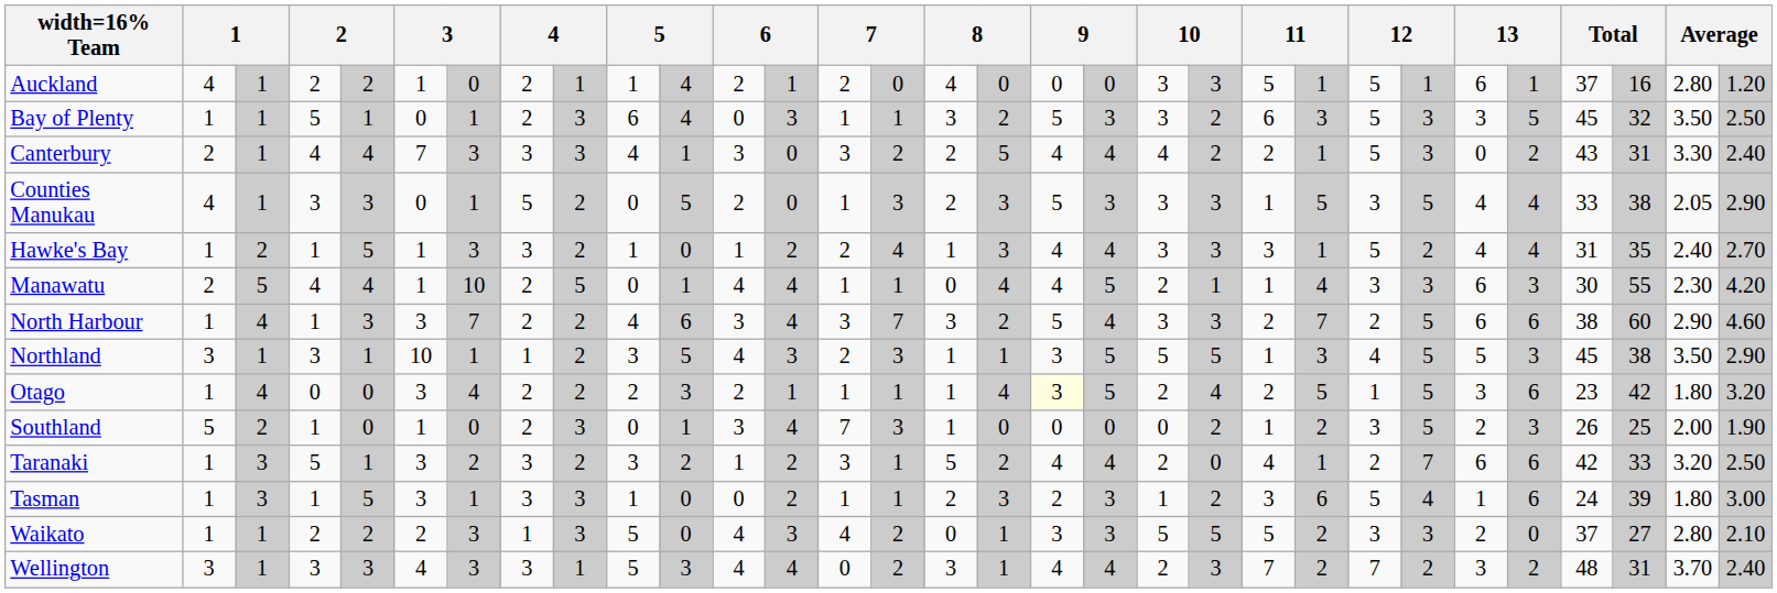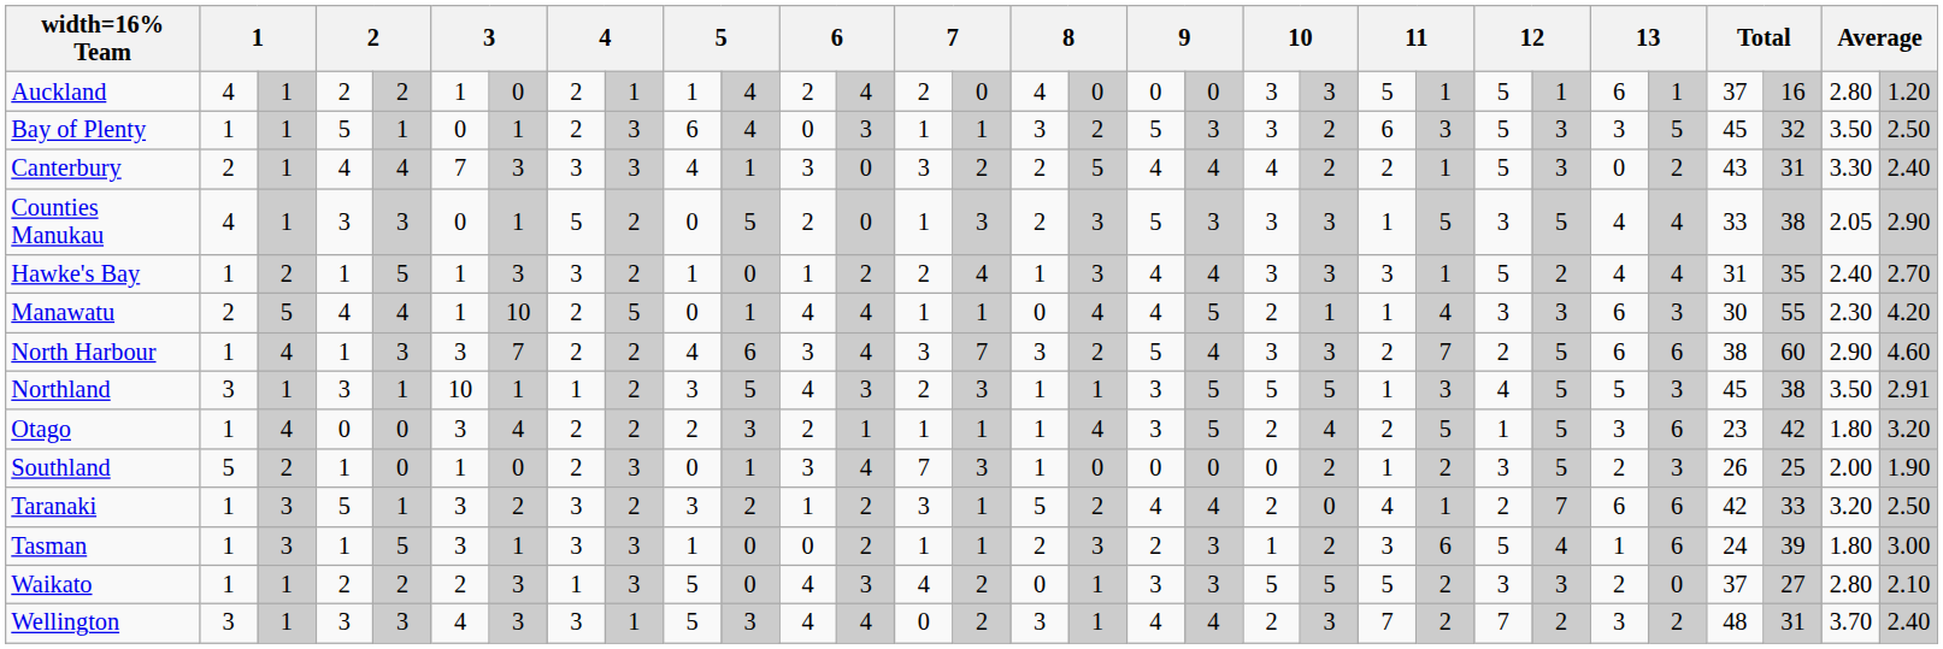 <table class="wikitable" style="text-align:center;width:100%">
 <tr>
 <th>width=16% Team</th>
 <th width=6% colspan=2>1</th>
 <th width=6% colspan=2>2</th>
 <th width=6% colspan=2>3</th>
 <th width=6% colspan=2>4</th>
 <th width=6% colspan=2>5</th>
 <th width=6% colspan=2>6</th>
 <th width=6% colspan=2>7</th>
 <th width=6% colspan=2>8</th>
 <th width=6% colspan=2>9</th>
 <th width=6% colspan=2>10</th>
 <th width=6% colspan=2>11</th>
 <th width=6% colspan=2>12</th>
 <th width=6% colspan=2>13</th>
 <th width=6% colspan=2>Total</th>
 <th width=6% colspan=2>Average</th>
 </tr>
 <tr>
 <td style="text-align:left"><a href='#'>Auckland</a></td>
 <td>4</td>
 <td style="background:#ccc">1</td>
 <td>2</td>
 <td style="background:#ccc">2</td>
 <td>1</td>
 <td style="background:#ccc">0</td>
 <td>2</td>
 <td style="background:#ccc">1</td>
 <td>1</td>
 <td style="background:#ccc">4</td>
 <td>2</td>
-<td style="background:#ccc">1</td>
+<td style="background:#ccc">4</td>
 <td>2</td>
 <td style="background:#ccc">0</td>
 <td>4</td>
 <td style="background:#ccc">0</td>
 <td>0</td>
 <td style="background:#ccc">0</td>
 <td>3</td>
 <td style="background:#ccc">3</td>
 <td>5</td>
 <td style="background:#ccc">1</td>
 <td>5</td>
 <td style="background:#ccc">1</td>
 <td>6</td>
 <td style="background:#ccc">1</td>
 <td>37</td>
 <td style="background:#ccc">16</td>
 <td>2.80</td>
 <td style="background:#ccc">1.20</td>
 </tr>
 <tr>
 <td align=left><a href='#'>Bay of Plenty</a></td>
 <td>1</td>
 <td bgcolor=#cccccc>1</td>
 <td>5</td>
 <td bgcolor=#cccccc>1</td>
 <td>0</td>
 <td bgcolor=#cccccc>1</td>
 <td>2</td>
 <td bgcolor=#cccccc>3</td>
 <td>6</td>
 <td bgcolor=#cccccc>4</td>
 <td>0</td>
 <td bgcolor=#cccccc>3</td>
 <td>1</td>
 <td bgcolor=#cccccc>1</td>
 <td>3</td>
 <td bgcolor=#cccccc>2</td>
 <td>5</td>
 <td bgcolor=#cccccc>3</td>
 <td>3</td>
 <td bgcolor=#cccccc>2</td>
 <td>6</td>
 <td bgcolor=#cccccc>3</td>
 <td>5</td>
 <td bgcolor=#cccccc>3</td>
 <td>3</td>
 <td bgcolor=#cccccc>5</td>
 <td>45</td>
 <td bgcolor=#cccccc>32</td>
 <td>3.50</td>
 <td bgcolor=#cccccc>2.50</td>
 </tr>
 <tr>
 <td align=left><a href='#'>Canterbury</a></td>
 <td>2</td>
 <td bgcolor=#cccccc>1</td>
 <td>4</td>
 <td bgcolor=#cccccc>4</td>
 <td>7</td>
 <td bgcolor=#cccccc>3</td>
 <td>3</td>
 <td bgcolor=#cccccc>3</td>
 <td>4</td>
 <td bgcolor=#cccccc>1</td>
 <td>3</td>
 <td bgcolor=#cccccc>0</td>
 <td>3</td>
 <td bgcolor=#cccccc>2</td>
 <td>2</td>
 <td bgcolor=#cccccc>5</td>
 <td>4</td>
 <td bgcolor=#cccccc>4</td>
 <td>4</td>
 <td bgcolor=#cccccc>2</td>
 <td>2</td>
 <td bgcolor=#cccccc>1</td>
 <td>5</td>
 <td bgcolor=#cccccc>3</td>
 <td>0</td>
 <td bgcolor=#cccccc>2</td>
 <td>43</td>
 <td bgcolor=#cccccc>31</td>
 <td>3.30</td>
 <td bgcolor=#cccccc>2.40</td>
 </tr>
 <tr>
 <td align=left><a href='#'>Counties Manukau</a></td>
 <td>4</td>
 <td bgcolor=#cccccc>1</td>
 <td>3</td>
 <td bgcolor=#cccccc>3</td>
 <td>0</td>
 <td bgcolor=#cccccc>1</td>
 <td>5</td>
 <td bgcolor=#cccccc>2</td>
 <td>0</td>
 <td bgcolor=#cccccc>5</td>
 <td>2</td>
 <td bgcolor=#cccccc>0</td>
 <td>1</td>
 <td bgcolor=#cccccc>3</td>
 <td>2</td>
 <td bgcolor=#cccccc>3</td>
 <td>5</td>
 <td bgcolor=#cccccc>3</td>
 <td>3</td>
 <td bgcolor=#cccccc>3</td>
 <td>1</td>
 <td bgcolor=#cccccc>5</td>
 <td>3</td>
 <td bgcolor=#cccccc>5</td>
 <td>4</td>
 <td bgcolor=#cccccc>4</td>
 <td>33</td>
 <td bgcolor=#cccccc>38</td>
 <td>2.05</td>
 <td bgcolor=#cccccc>2.90</td>
 </tr>
 <tr>
 <td align=left><a href='#'>Hawke's Bay</a></td>
 <td>1</td>
 <td bgcolor=#cccccc>2</td>
 <td>1</td>
 <td bgcolor=#cccccc>5</td>
 <td>1</td>
 <td bgcolor=#cccccc>3</td>
 <td>3</td>
 <td bgcolor=#cccccc>2</td>
 <td>1</td>
 <td bgcolor=#cccccc>0</td>
 <td>1</td>
 <td bgcolor=#cccccc>2</td>
 <td>2</td>
 <td bgcolor=#cccccc>4</td>
 <td>1</td>
 <td bgcolor=#cccccc>3</td>
 <td>4</td>
 <td bgcolor=#cccccc>4</td>
 <td>3</td>
 <td bgcolor=#cccccc>3</td>
 <td>3</td>
 <td bgcolor=#cccccc>1</td>
 <td>5</td>
 <td bgcolor=#cccccc>2</td>
 <td>4</td>
 <td bgcolor=#cccccc>4</td>
 <td>31</td>
 <td bgcolor=#cccccc>35</td>
 <td>2.40</td>
 <td bgcolor=#cccccc>2.70</td>
 </tr>
 <tr>
 <td align=left><a href='#'>Manawatu</a></td>
 <td>2</td>
 <td bgcolor=#cccccc>5</td>
 <td>4</td>
 <td bgcolor=#cccccc>4</td>
 <td>1</td>
 <td bgcolor=#cccccc>10</td>
 <td>2</td>
 <td bgcolor=#cccccc>5</td>
 <td>0</td>
 <td bgcolor=#cccccc>1</td>
 <td>4</td>
 <td bgcolor=#cccccc>4</td>
 <td>1</td>
 <td bgcolor=#cccccc>1</td>
 <td>0</td>
 <td bgcolor=#cccccc>4</td>
 <td>4</td>
 <td bgcolor=#cccccc>5</td>
 <td>2</td>
 <td bgcolor=#cccccc>1</td>
 <td>1</td>
 <td bgcolor=#cccccc>4</td>
 <td>3</td>
 <td bgcolor=#cccccc>3</td>
 <td>6</td>
 <td bgcolor=#cccccc>3</td>
 <td>30</td>
 <td bgcolor=#cccccc>55</td>
 <td>2.30</td>
 <td bgcolor=#cccccc>4.20</td>
 </tr>
 <tr>
 <td align=left><a href='#'>North Harbour</a></td>
 <td>1</td>
 <td bgcolor=#cccccc>4</td>
 <td>1</td>
 <td bgcolor=#cccccc>3</td>
 <td>3</td>
 <td bgcolor=#cccccc>7</td>
 <td>2</td>
 <td bgcolor=#cccccc>2</td>
 <td>4</td>
 <td bgcolor=#cccccc>6</td>
 <td>3</td>
 <td bgcolor=#cccccc>4</td>
 <td>3</td>
 <td bgcolor=#cccccc>7</td>
 <td>3</td>
 <td bgcolor=#cccccc>2</td>
 <td>5</td>
 <td bgcolor=#cccccc>4</td>
 <td>3</td>
 <td bgcolor=#cccccc>3</td>
 <td>2</td>
 <td bgcolor=#cccccc>7</td>
 <td>2</td>
 <td bgcolor=#cccccc>5</td>
 <td>6</td>
 <td bgcolor=#cccccc>6</td>
 <td>38</td>
 <td bgcolor=#cccccc>60</td>
 <td>2.90</td>
 <td bgcolor=#cccccc>4.60</td>
 </tr>
 <tr>
 <td align=left><a href='#'>Northland</a></td>
 <td>3</td>
 <td bgcolor=#cccccc>1</td>
 <td>3</td>
 <td bgcolor=#cccccc>1</td>
 <td>10</td>
 <td bgcolor=#cccccc>1</td>
 <td>1</td>
 <td bgcolor=#cccccc>2</td>
 <td>3</td>
 <td bgcolor=#cccccc>5</td>
 <td>4</td>
 <td bgcolor=#cccccc>3</td>
 <td>2</td>
 <td bgcolor=#cccccc>3</td>
 <td>1</td>
 <td bgcolor=#cccccc>1</td>
 <td>3</td>
 <td bgcolor=#cccccc>5</td>
 <td>5</td>
 <td bgcolor=#cccccc>5</td>
 <td>1</td>
 <td bgcolor=#cccccc>3</td>
 <td>4</td>
 <td bgcolor=#cccccc>5</td>
 <td>5</td>
 <td bgcolor=#cccccc>3</td>
 <td>45</td>
 <td bgcolor=#cccccc>38</td>
 <td>3.50</td>
-<td bgcolor=#cccccc>2.90</td>
+<td bgcolor=#cccccc>2.91</td>
 </tr>
 <tr>
 <td align=left><a href='#'>Otago</a></td>
 <td>1</td>
 <td bgcolor=#cccccc>4</td>
 <td>0</td>
 <td bgcolor=#cccccc>0</td>
 <td>3</td>
 <td bgcolor=#cccccc>4</td>
 <td>2</td>
 <td bgcolor=#cccccc>2</td>
 <td>2</td>
 <td bgcolor=#cccccc>3</td>
 <td>2</td>
 <td bgcolor=#cccccc>1</td>
 <td>1</td>
 <td bgcolor=#cccccc>1</td>
 <td>1</td>
 <td bgcolor=#cccccc>4</td>
-<td style="background: lightyellow;">3</td>
+<td>3</td>
 <td bgcolor=#cccccc>5</td>
 <td>2</td>
 <td bgcolor=#cccccc>4</td>
 <td>2</td>
 <td bgcolor=#cccccc>5</td>
 <td>1</td>
 <td bgcolor=#cccccc>5</td>
 <td>3</td>
 <td bgcolor=#cccccc>6</td>
 <td>23</td>
 <td bgcolor=#cccccc>42</td>
 <td>1.80</td>
 <td bgcolor=#cccccc>3.20</td>
 </tr>
 <tr>
 <td align=left><a href='#'>Southland</a></td>
 <td>5</td>
 <td bgcolor=#cccccc>2</td>
 <td>1</td>
 <td bgcolor=#cccccc>0</td>
 <td>1</td>
 <td bgcolor=#cccccc>0</td>
 <td>2</td>
 <td bgcolor=#cccccc>3</td>
 <td>0</td>
 <td bgcolor=#cccccc>1</td>
 <td>3</td>
 <td bgcolor=#cccccc>4</td>
 <td>7</td>
 <td bgcolor=#cccccc>3</td>
 <td>1</td>
 <td bgcolor=#cccccc>0</td>
 <td>0</td>
 <td bgcolor=#cccccc>0</td>
 <td>0</td>
 <td bgcolor=#cccccc>2</td>
 <td>1</td>
 <td bgcolor=#cccccc>2</td>
 <td>3</td>
 <td bgcolor=#cccccc>5</td>
 <td>2</td>
 <td bgcolor=#cccccc>3</td>
 <td>26</td>
 <td bgcolor=#cccccc>25</td>
 <td>2.00</td>
 <td bgcolor=#cccccc>1.90</td>
 </tr>
 <tr>
 <td align=left><a href='#'>Taranaki</a></td>
 <td>1</td>
 <td style="background:#ccc">3</td>
 <td>5</td>
 <td style="background:#ccc">1</td>
 <td>3</td>
 <td style="background:#ccc">2</td>
 <td>3</td>
 <td style="background:#ccc">2</td>
 <td>3</td>
 <td style="background:#ccc">2</td>
 <td>1</td>
 <td style="background:#ccc">2</td>
 <td>3</td>
 <td style="background:#ccc">1</td>
 <td>5</td>
 <td style="background:#ccc">2</td>
 <td>4</td>
 <td style="background:#ccc">4</td>
 <td>2</td>
 <td style="background:#ccc">0</td>
 <td>4</td>
 <td style="background:#ccc">1</td>
 <td>2</td>
 <td style="background:#ccc">7</td>
 <td>6</td>
 <td style="background:#ccc">6</td>
 <td>42</td>
 <td style="background:#ccc">33</td>
 <td>3.20</td>
 <td style="background:#ccc">2.50</td>
 </tr>
 <tr>
 <td align=left><a href='#'>Tasman</a></td>
 <td>1</td>
 <td style="background:#ccc">3</td>
 <td>1</td>
 <td style="background:#ccc">5</td>
 <td>3</td>
 <td style="background:#ccc">1</td>
 <td>3</td>
 <td style="background:#ccc">3</td>
 <td>1</td>
 <td style="background:#ccc">0</td>
 <td>0</td>
 <td style="background:#ccc">2</td>
 <td>1</td>
 <td style="background:#ccc">1</td>
 <td>2</td>
 <td style="background:#ccc">3</td>
 <td>2</td>
 <td style="background:#ccc">3</td>
 <td>1</td>
 <td style="background:#ccc">2</td>
 <td>3</td>
 <td style="background:#ccc">6</td>
 <td>5</td>
 <td style="background:#ccc">4</td>
 <td>1</td>
 <td style="background:#ccc">6</td>
 <td>24</td>
 <td style="background:#ccc">39</td>
 <td>1.80</td>
 <td style="background:#ccc">3.00</td>
 </tr>
 <tr>
 <td align=left><a href='#'>Waikato</a></td>
 <td>1</td>
 <td style="background:#ccc">1</td>
 <td>2</td>
 <td style="background:#ccc">2</td>
 <td>2</td>
 <td style="background:#ccc">3</td>
 <td>1</td>
 <td style="background:#ccc">3</td>
 <td>5</td>
 <td style="background:#ccc">0</td>
 <td>4</td>
 <td style="background:#ccc">3</td>
 <td>4</td>
 <td style="background:#ccc">2</td>
 <td>0</td>
 <td style="background:#ccc">1</td>
 <td>3</td>
 <td style="background:#ccc">3</td>
 <td>5</td>
 <td style="background:#ccc">5</td>
 <td>5</td>
 <td style="background:#ccc">2</td>
 <td>3</td>
 <td style="background:#ccc">3</td>
 <td>2</td>
 <td style="background:#ccc">0</td>
 <td>37</td>
 <td style="background:#ccc">27</td>
 <td>2.80</td>
 <td style="background:#ccc">2.10</td>
 </tr>
 <tr>
 <td align=left><a href='#'>Wellington</a></td>
 <td>3</td>
 <td style="background:#ccc">1</td>
 <td>3</td>
 <td style="background:#ccc">3</td>
 <td>4</td>
 <td style="background:#ccc">3</td>
 <td>3</td>
 <td style="background:#ccc">1</td>
 <td>5</td>
 <td style="background:#ccc">3</td>
 <td>4</td>
 <td style="background:#ccc">4</td>
 <td>0</td>
 <td style="background:#ccc">2</td>
 <td>3</td>
 <td style="background:#ccc">1</td>
 <td>4</td>
 <td style="background:#ccc">4</td>
 <td>2</td>
 <td style="background:#ccc">3</td>
 <td>7</td>
 <td style="background:#ccc">2</td>
 <td>7</td>
 <td style="background:#ccc">2</td>
 <td>3</td>
 <td style="background:#ccc">2</td>
 <td>48</td>
 <td style="background:#ccc">31</td>
 <td>3.70</td>
 <td style="background:#ccc">2.40</td>
 </tr>
 </table>
